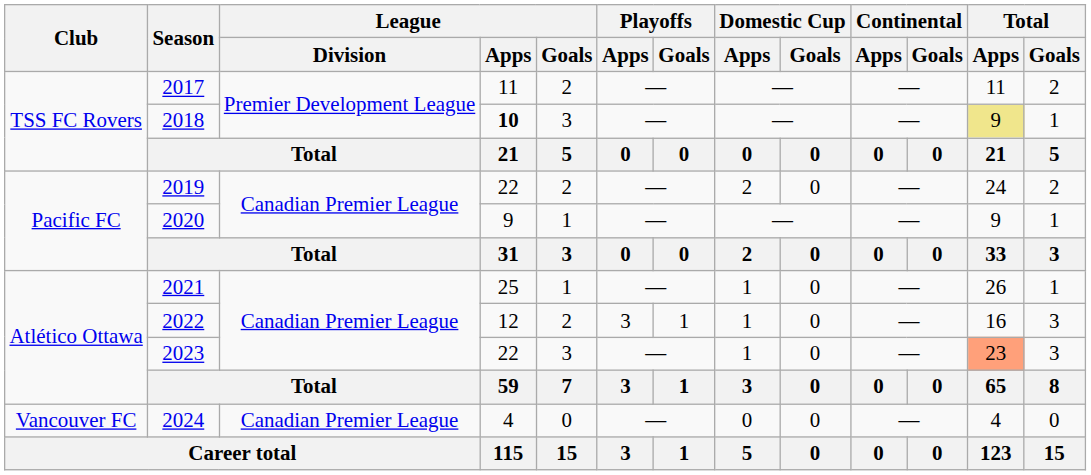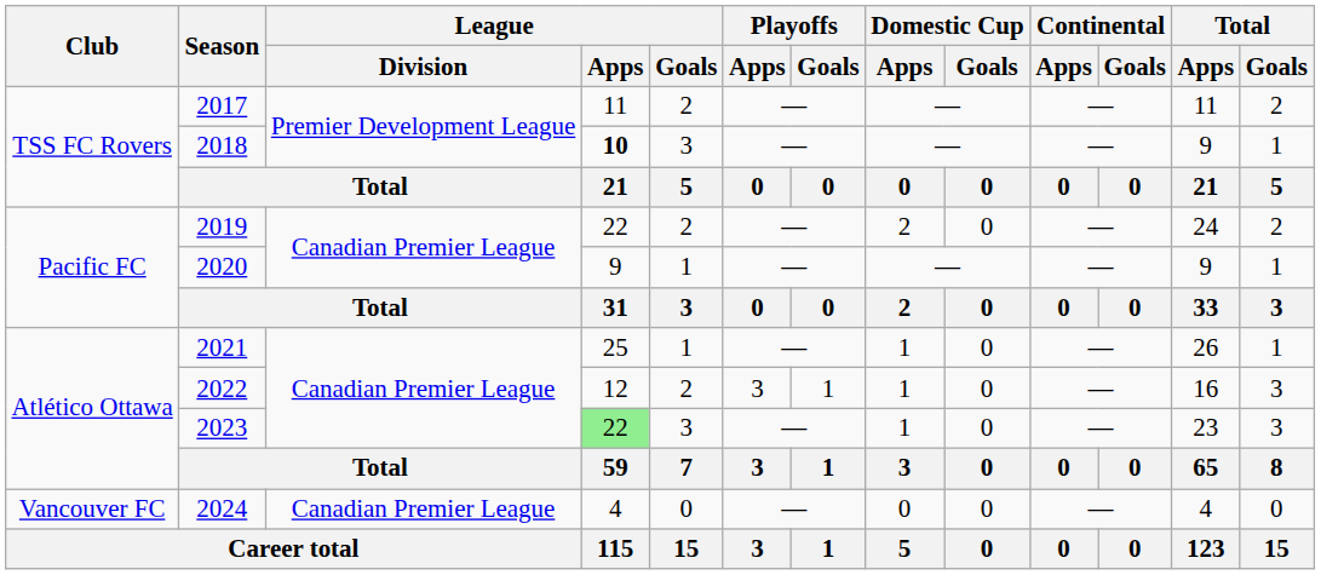 <table class="wikitable" style="text-align: center">
 <tr>
 <th rowspan="2">Club</th>
 <th rowspan="2">Season</th>
 <th colspan="3">League</th>
 <th colspan="2">Playoffs</th>
 <th colspan="2">Domestic Cup</th>
 <th colspan="2">Continental</th>
 <th colspan="2">Total</th>
 </tr>
 <tr>
 <th>Division</th>
 <th>Apps</th>
 <th>Goals</th>
 <th>Apps</th>
 <th>Goals</th>
 <th>Apps</th>
 <th>Goals</th>
 <th>Apps</th>
 <th>Goals</th>
 <th>Apps</th>
 <th>Goals</th>
 </tr>
 <tr>
 <td rowspan=3><a href='#'>TSS FC Rovers</a></td>
 <td><a href='#'>2017</a></td>
 <td rowspan=2><a href='#'>Premier Development League</a></td>
 <td>11</td>
 <td>2</td>
 <td colspan="2">—</td>
 <td colspan="2">—</td>
 <td colspan="2">—</td>
 <td>11</td>
 <td>2</td>
 </tr>
 <tr>
 <td><a href='#'>2018</a></td>
 <td><strong>10</strong></td>
 <td>3</td>
 <td colspan="2">—</td>
 <td colspan="2">—</td>
 <td colspan="2">—</td>
-<td style="background: khaki;">9</td>
+<td>9</td>
 <td>1</td>
 </tr>
 <tr>
 <th colspan="2">Total</th>
 <th>21</th>
 <th>5</th>
 <th>0</th>
 <th>0</th>
 <th>0</th>
 <th>0</th>
 <th>0</th>
 <th>0</th>
 <th>21</th>
 <th>5</th>
 </tr>
 <tr>
 <td rowspan=3><a href='#'>Pacific FC</a></td>
 <td><a href='#'>2019</a></td>
 <td rowspan=2><a href='#'>Canadian Premier League</a></td>
 <td>22</td>
 <td>2</td>
 <td colspan="2">—</td>
 <td>2</td>
 <td>0</td>
 <td colspan="2">—</td>
 <td>24</td>
 <td>2</td>
 </tr>
 <tr>
 <td><a href='#'>2020</a></td>
 <td>9</td>
 <td>1</td>
 <td colspan="2">—</td>
 <td colspan="2">—</td>
 <td colspan="2">—</td>
 <td>9</td>
 <td>1</td>
 </tr>
 <tr>
 <th colspan="2">Total</th>
 <th>31</th>
 <th>3</th>
 <th>0</th>
 <th>0</th>
 <th>2</th>
 <th>0</th>
 <th>0</th>
 <th>0</th>
 <th>33</th>
 <th>3</th>
 </tr>
 <tr>
 <td rowspan=4><a href='#'>Atlético Ottawa</a></td>
 <td><a href='#'>2021</a></td>
 <td rowspan=3><a href='#'>Canadian Premier League</a></td>
 <td>25</td>
 <td>1</td>
 <td colspan="2">—</td>
 <td>1</td>
 <td>0</td>
 <td colspan="2">—</td>
 <td>26</td>
 <td>1</td>
 </tr>
 <tr>
 <td><a href='#'>2022</a></td>
 <td>12</td>
 <td>2</td>
 <td>3</td>
 <td>1</td>
 <td>1</td>
 <td>0</td>
 <td colspan="2">—</td>
 <td>16</td>
 <td>3</td>
 </tr>
 <tr>
 <td><a href='#'>2023</a></td>
-<td>22</td>
+<td style="background: lightgreen;">22</td>
 <td>3</td>
 <td colspan="2">—</td>
 <td>1</td>
 <td>0</td>
 <td colspan="2">—</td>
-<td style="background: lightsalmon;">23</td>
+<td>23</td>
 <td>3</td>
 </tr>
 <tr>
 <th colspan="2">Total</th>
 <th>59</th>
 <th>7</th>
 <th>3</th>
 <th>1</th>
 <th>3</th>
 <th>0</th>
 <th>0</th>
 <th>0</th>
 <th>65</th>
 <th>8</th>
 </tr>
 <tr>
 <td><a href='#'>Vancouver FC</a></td>
 <td><a href='#'>2024</a></td>
 <td><a href='#'>Canadian Premier League</a></td>
 <td>4</td>
 <td>0</td>
 <td colspan="2">—</td>
 <td>0</td>
 <td>0</td>
 <td colspan="2">—</td>
 <td>4</td>
 <td>0</td>
 </tr>
 <tr>
 <th colspan="3">Career total</th>
 <th>115</th>
 <th>15</th>
 <th>3</th>
 <th>1</th>
 <th>5</th>
 <th>0</th>
 <th>0</th>
 <th>0</th>
 <th>123</th>
 <th>15</th>
 </tr>
 </table>
